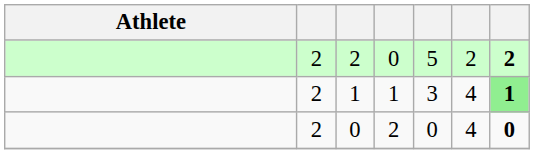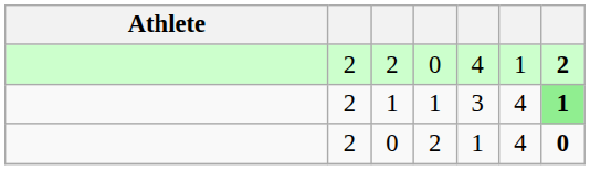 <table class=wikitable style="text-align:center">
 <tr>
 <th width=200>Athlete</th>
 <th width=20></th>
 <th width=20></th>
 <th width=20></th>
 <th width=20></th>
 <th width=20></th>
 <th width=20></th>
 </tr>
 <tr bgcolor=ccffcc>
 <td style="text-align:left"></td>
 <td>2</td>
 <td>2</td>
 <td>0</td>
-<td>5</td>
-<td>2</td>
+<td>4</td>
+<td>1</td>
 <td><strong>2</strong></td>
 </tr>
 <tr>
 <td style="text-align:left"></td>
 <td>2</td>
 <td>1</td>
 <td>1</td>
 <td>3</td>
 <td>4</td>
 <td style="background: lightgreen;"><strong>1</strong></td>
 </tr>
 <tr>
 <td style="text-align:left"></td>
 <td>2</td>
 <td>0</td>
 <td>2</td>
-<td>0</td>
+<td>1</td>
 <td>4</td>
 <td><strong>0</strong></td>
 </tr>
 <tr>
 </tr>
 </table>
